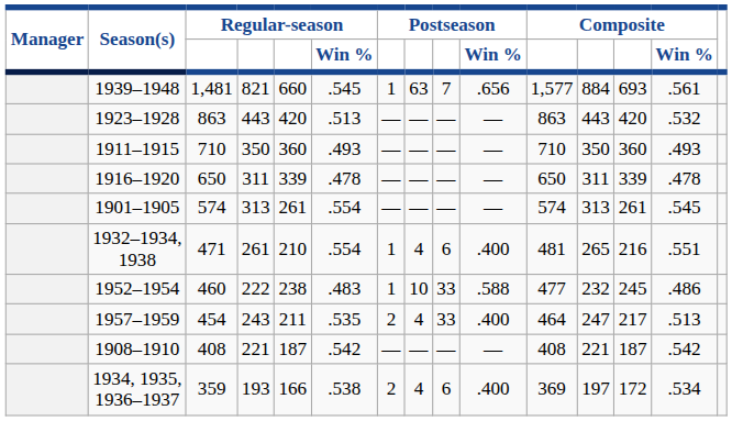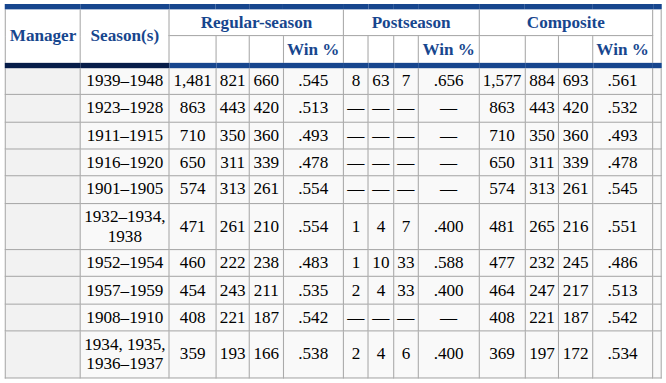 <table class="wikitable plainrowheaders" style="margin: 1em auto 1em auto; text-align:center;">
 <tr>
 <th rowspan="2" scope="col" style="background-color:#ffffff; border-top:#17468E 5px solid; border-bottom:#071d49 5px solid; color:#17468E">Manager</th>
 <th rowspan="2" scope="col" style="background-color:#ffffff; border-top:#17468E 5px solid; border-bottom:#071d49 5px solid; color:#17468E">Season(s)</th>
 <th colspan="4" scope="col" style="background-color:#ffffff; border-top:#17468E 5px solid; color:#17468E">Regular-season</th>
 <th colspan="4" scope="col" style="background-color:#ffffff; border-top:#17468E 5px solid; color:#17468E">Postseason</th>
 <th colspan="4" scope="col" style="background-color:#ffffff; border-top:#17468E 5px solid; color:#17468E">Composite</th>
 <th class="unsortable" rowspan="2" scope="col" style="background-color:#ffffff; border-top:#17468E 5px solid; border-bottom:#17468E 5px solid; color:#17468E"></th>
 </tr>
 <tr>
 <th scope="col" style="background-color:#ffffff; border-bottom:#17468E 5px solid; color:#17468E"></th>
 <th scope="col" style="background-color:#ffffff; border-bottom:#17468E 5px solid; color:#17468E"></th>
 <th scope="col" style="background-color:#ffffff; border-bottom:#17468E 5px solid; color:#17468E"></th>
 <th scope="col" style="background-color:#ffffff; border-bottom:#17468E 5px solid; color:#17468E">Win %</th>
 <th scope="col" style="background-color:#ffffff; border-bottom:#17468E 5px solid; color:#17468E"></th>
 <th scope="col" style="background-color:#ffffff; border-bottom:#17468E 5px solid; color:#17468E"></th>
 <th scope="col" style="background-color:#ffffff; border-bottom:#17468E 5px solid; color:#17468E"></th>
 <th scope="col" style="background-color:#ffffff; border-bottom:#17468E 5px solid; color:#17468E">Win %</th>
 <th scope="col" style="background-color:#ffffff; border-bottom:#17468E 5px solid; color:#17468E"></th>
 <th scope="col" style="background-color:#ffffff; border-bottom:#17468E 5px solid; color:#17468E"></th>
 <th scope="col" style="background-color:#ffffff; border-bottom:#17468E 5px solid; color:#17468E"></th>
 <th scope="col" style="background-color:#ffffff; border-bottom:#17468E 5px solid; color:#17468E">Win %</th>
 </tr>
 <tr>
 <th scope="row" style="text-align:center"></th>
 <td>1939–1948</td>
 <td>1,481</td>
 <td>821</td>
 <td>660</td>
 <td>.545</td>
-<td>1</td>
+<td>8</td>
 <td>63</td>
 <td>7</td>
 <td>.656</td>
 <td>1,577</td>
 <td>884</td>
 <td>693</td>
 <td>.561</td>
 <td></td>
 </tr>
 <tr>
 <th scope="row" style="text-align:center"></th>
 <td>1923–1928</td>
 <td>863</td>
 <td>443</td>
 <td>420</td>
 <td>.513</td>
 <td>—</td>
 <td>—</td>
 <td>—</td>
 <td>—</td>
 <td>863</td>
 <td>443</td>
 <td>420</td>
 <td>.532</td>
 <td></td>
 </tr>
 <tr>
 <th scope="row" style="text-align:center"></th>
 <td>1911–1915</td>
 <td>710</td>
 <td>350</td>
 <td>360</td>
 <td>.493</td>
 <td>—</td>
 <td>—</td>
 <td>—</td>
 <td>—</td>
 <td>710</td>
 <td>350</td>
 <td>360</td>
 <td>.493</td>
 <td></td>
 </tr>
 <tr>
 <th scope="row" style="text-align:center"></th>
 <td>1916–1920</td>
 <td>650</td>
 <td>311</td>
 <td>339</td>
 <td>.478</td>
 <td>—</td>
 <td>—</td>
 <td>—</td>
 <td>—</td>
 <td>650</td>
 <td>311</td>
 <td>339</td>
 <td>.478</td>
 <td></td>
 </tr>
 <tr>
 <th scope="row" style="text-align:center"></th>
 <td>1901–1905</td>
 <td>574</td>
 <td>313</td>
 <td>261</td>
 <td>.554</td>
 <td>—</td>
 <td>—</td>
 <td>—</td>
 <td>—</td>
 <td>574</td>
 <td>313</td>
 <td>261</td>
 <td>.545</td>
 <td></td>
 </tr>
 <tr>
 <th scope="row" style="text-align:center"></th>
 <td>1932–1934,<br>1938</td>
 <td>471</td>
 <td>261</td>
 <td>210</td>
 <td>.554</td>
 <td>1</td>
 <td>4</td>
-<td>6</td>
+<td>7</td>
 <td>.400</td>
 <td>481</td>
 <td>265</td>
 <td>216</td>
 <td>.551</td>
 <td></td>
 </tr>
 <tr>
 <th scope="row" style="text-align:center"></th>
 <td>1952–1954</td>
 <td>460</td>
 <td>222</td>
 <td>238</td>
 <td>.483</td>
 <td>1</td>
 <td>10</td>
 <td>33</td>
 <td>.588</td>
 <td>477</td>
 <td>232</td>
 <td>245</td>
 <td>.486</td>
 <td></td>
 </tr>
 <tr>
 <th scope="row" style="text-align:center"></th>
 <td>1957–1959</td>
 <td>454</td>
 <td>243</td>
 <td>211</td>
 <td>.535</td>
 <td>2</td>
 <td>4</td>
 <td>33</td>
 <td>.400</td>
 <td>464</td>
 <td>247</td>
 <td>217</td>
 <td>.513</td>
 <td></td>
 </tr>
 <tr>
 <th scope="row" style="text-align:center"></th>
 <td>1908–1910</td>
 <td>408</td>
 <td>221</td>
 <td>187</td>
 <td>.542</td>
 <td>—</td>
 <td>—</td>
 <td>—</td>
 <td>—</td>
 <td>408</td>
 <td>221</td>
 <td>187</td>
 <td>.542</td>
 <td></td>
 </tr>
 <tr>
 <th scope="row" style="text-align:center"></th>
 <td>1934, 1935,<br>1936–1937</td>
 <td>359</td>
 <td>193</td>
 <td>166</td>
 <td>.538</td>
 <td>2</td>
 <td>4</td>
 <td>6</td>
 <td>.400</td>
 <td>369</td>
 <td>197</td>
 <td>172</td>
 <td>.534</td>
 <td></td>
 </tr>
 </table>
